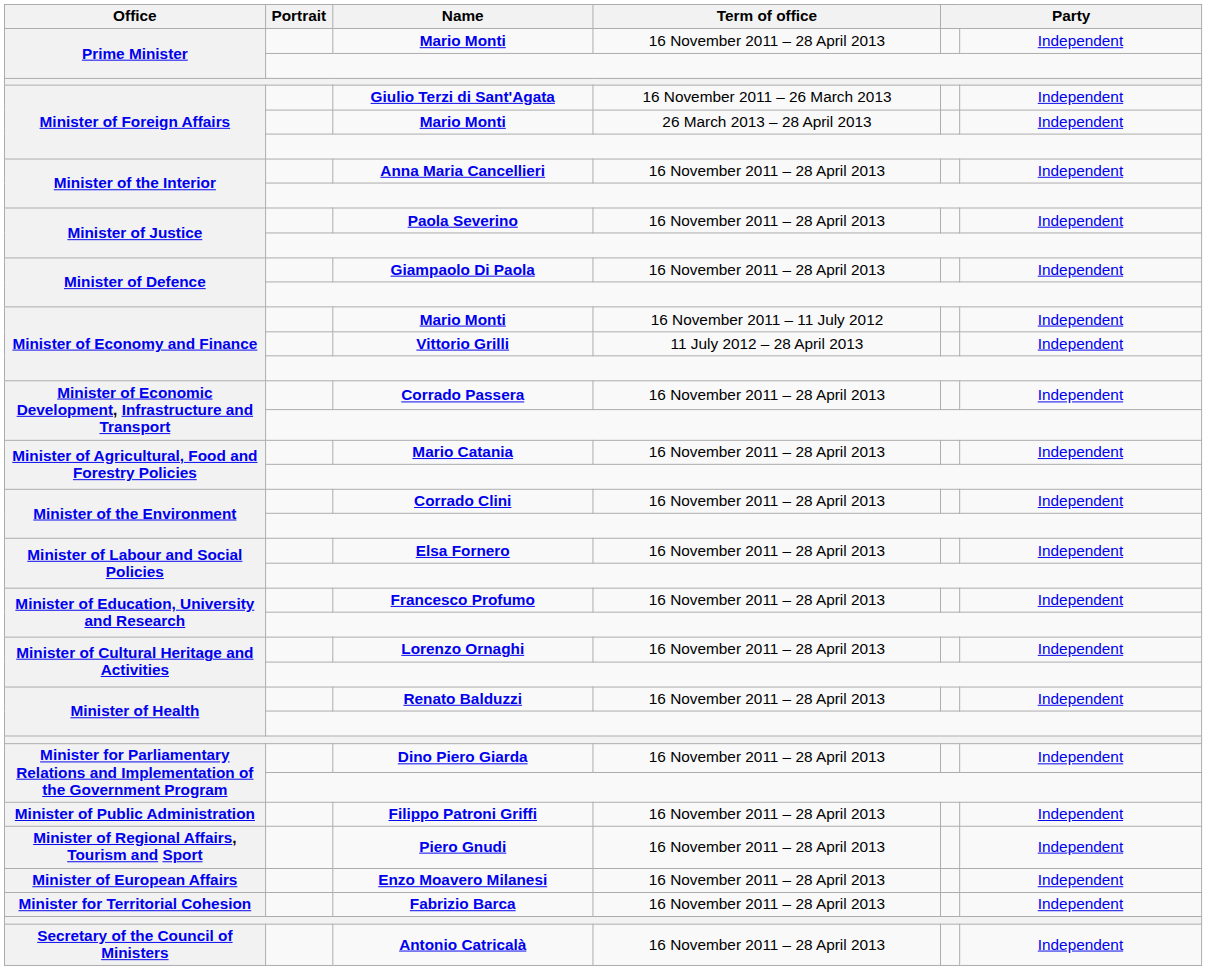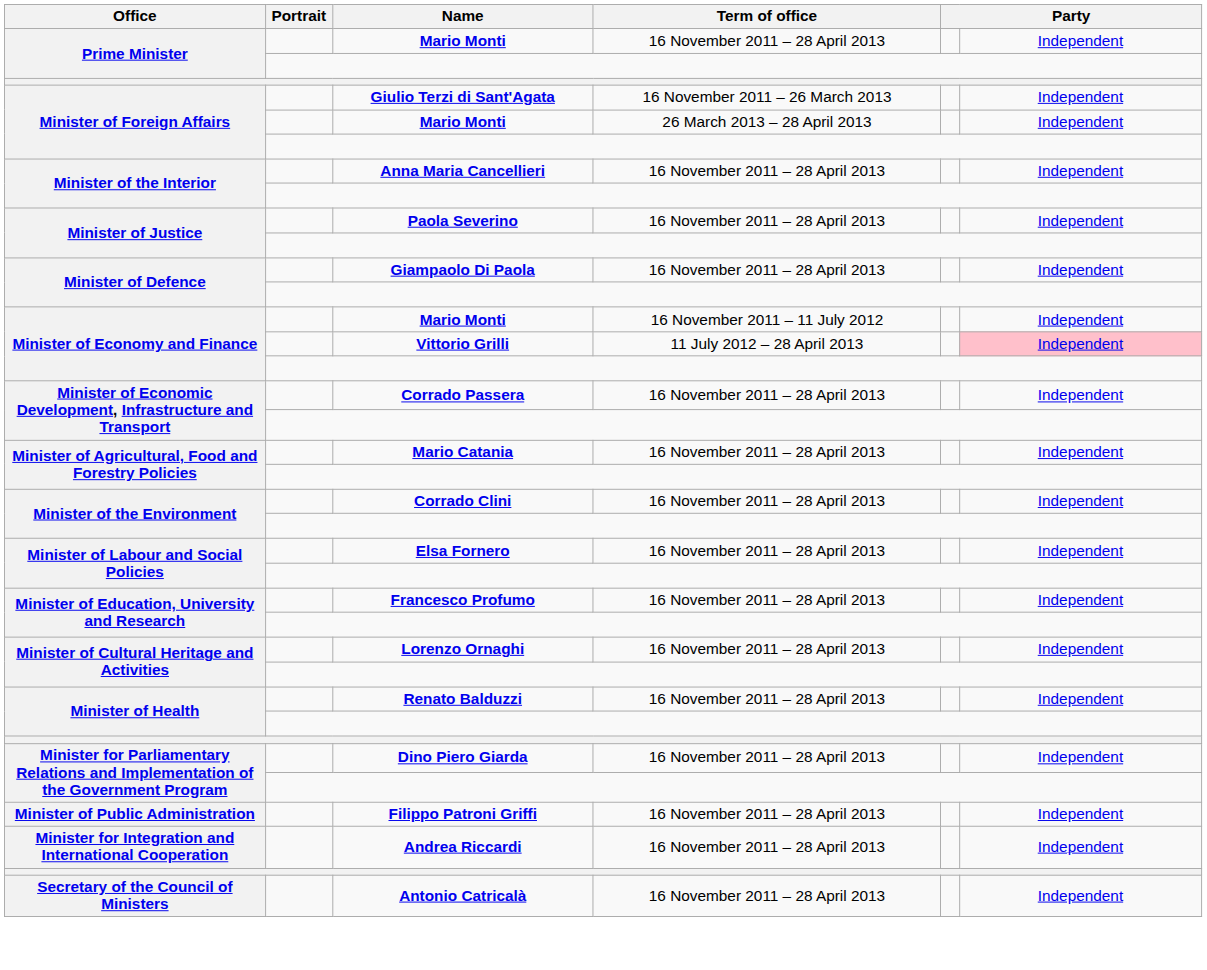 <table class="wikitable" style="text-align:center;">
 <tr>
 <th width=15%>Office</th>
 <th width=1%>Portrait</th>
 <th width=15%>Name</th>
 <th width=20%>Term of office</th>
 <th width=15% colspan=2>Party</th>
 </tr>
 <tr>
 <th rowspan=2><a href='#'>Prime Minister</a></th>
 <td></td>
 <td><strong><a href='#'>Mario Monti</a></strong></td>
 <td>16 November 2011 – 28 April 2013</td>
 <td></td>
 <td><a href='#'>Independent</a></td>
 </tr>
 <tr>
 <td colspan="5" style="font-size:95%; line-height:19px;"><br></td>
 </tr>
 <tr>
 <th colspan=6></th>
 </tr>
 <tr>
 <th rowspan=3><a href='#'>Minister of Foreign Affairs</a></th>
 <td></td>
 <td><strong><a href='#'>Giulio Terzi di Sant'Agata</a></strong></td>
 <td>16 November 2011 – 26 March 2013</td>
 <td></td>
 <td><a href='#'>Independent</a></td>
 </tr>
 <tr>
 <td></td>
 <td><strong><a href='#'>Mario Monti</a></strong><br></td>
 <td>26 March 2013 – 28 April 2013</td>
 <td></td>
 <td><a href='#'>Independent</a></td>
 </tr>
 <tr>
 <td colspan="5" style="font-size:95%; line-height:19px;"><br> </td>
 </tr>
 <tr>
 <th rowspan=2><a href='#'>Minister of the Interior</a></th>
 <td></td>
 <td><strong><a href='#'>Anna Maria Cancellieri</a></strong></td>
 <td>16 November 2011 – 28 April 2013</td>
 <td style="color:inherit;background:"></td>
 <td><a href='#'>Independent</a></td>
 </tr>
 <tr>
 <td colspan="5" style="font-size:95%; line-height:19px;"><br></td>
 </tr>
 <tr>
 <th rowspan=2><a href='#'>Minister of Justice</a></th>
 <td></td>
 <td><strong><a href='#'>Paola Severino</a></strong></td>
 <td>16 November 2011 – 28 April 2013</td>
 <td style="color:inherit;background:"></td>
 <td><a href='#'>Independent</a></td>
 </tr>
 <tr>
 <td colspan="5" style="font-size:95%; line-height:19px;"><br></td>
 </tr>
 <tr>
 <th rowspan=2><a href='#'>Minister of Defence</a></th>
 <td></td>
 <td><strong><a href='#'>Giampaolo Di Paola</a></strong></td>
 <td>16 November 2011 – 28 April 2013</td>
 <td></td>
 <td><a href='#'>Independent</a></td>
 </tr>
 <tr>
 <td colspan="5" style="font-size:95%; line-height:19px;"><br></td>
 </tr>
 <tr>
 <th rowspan=3><a href='#'>Minister of Economy and Finance</a></th>
 <td></td>
 <td><strong><a href='#'>Mario Monti</a></strong><br></td>
 <td>16 November 2011 – 11 July 2012</td>
 <td></td>
 <td><a href='#'>Independent</a></td>
 </tr>
 <tr>
 <td></td>
 <td><strong><a href='#'>Vittorio Grilli</a></strong></td>
 <td>11 July 2012 – 28 April 2013</td>
 <td></td>
-<td><a href='#'>Independent</a></td>
+<td style="background: pink;"><a href='#'>Independent</a></td>
 </tr>
 <tr>
 <td colspan="5" style="font-size:95%; line-height:19px;"><br> </td>
 </tr>
 <tr>
 <th rowspan=2><a href='#'>Minister of Economic Development</a>, <a href='#'>Infrastructure and Transport</a></th>
 <td></td>
 <td><strong><a href='#'>Corrado Passera</a></strong></td>
 <td>16 November 2011 – 28 April 2013</td>
 <td></td>
 <td><a href='#'>Independent</a></td>
 </tr>
 <tr>
 <td colspan="5" style="font-size:95%; line-height:19px;"><br> </td>
 </tr>
 <tr>
 <th rowspan=2><a href='#'>Minister of Agricultural, Food and Forestry Policies</a></th>
 <td></td>
 <td><strong><a href='#'>Mario Catania</a></strong></td>
 <td>16 November 2011 – 28 April 2013</td>
 <td></td>
 <td><a href='#'>Independent</a></td>
 </tr>
 <tr>
 <td colspan="5" style="font-size:95%; line-height:19px;"><br></td>
 </tr>
 <tr>
 <th rowspan=2><a href='#'>Minister of the Environment</a></th>
 <td></td>
 <td><strong><a href='#'>Corrado Clini</a></strong></td>
 <td>16 November 2011 – 28 April 2013</td>
 <td></td>
 <td><a href='#'>Independent</a></td>
 </tr>
 <tr>
 <td colspan="5" style="font-size:95%; line-height:19px;"><br></td>
 </tr>
 <tr>
 <th rowspan=2><a href='#'>Minister of Labour and Social Policies</a></th>
 <td></td>
 <td><strong><a href='#'>Elsa Fornero</a></strong></td>
 <td>16 November 2011 – 28 April 2013</td>
 <td style="color:inherit;background:"></td>
 <td><a href='#'>Independent</a></td>
 </tr>
 <tr>
 <td colspan="5" style="font-size:95%; line-height:19px;"><br> </td>
 </tr>
 <tr>
 <th rowspan=2><a href='#'>Minister of Education, University and Research</a></th>
 <td></td>
 <td><strong><a href='#'>Francesco Profumo</a></strong></td>
 <td>16 November 2011 – 28 April 2013</td>
 <td></td>
 <td><a href='#'>Independent</a></td>
 </tr>
 <tr>
 <td colspan="5" style="font-size:95%; line-height:19px;"><br></td>
 </tr>
 <tr>
 <th rowspan=2><a href='#'>Minister of Cultural Heritage and Activities</a></th>
 <td></td>
 <td><strong><a href='#'>Lorenzo Ornaghi</a></strong></td>
 <td>16 November 2011 – 28 April 2013</td>
 <td></td>
 <td><a href='#'>Independent</a></td>
 </tr>
 <tr>
 <td colspan="5" style="font-size:95%; line-height:19px;"><br></td>
 </tr>
 <tr>
 <th rowspan=2><a href='#'>Minister of Health</a></th>
 <td></td>
 <td><strong><a href='#'>Renato Balduzzi</a></strong></td>
 <td>16 November 2011 – 28 April 2013</td>
 <td></td>
 <td><a href='#'>Independent</a></td>
 </tr>
 <tr>
 <td colspan="5" style="font-size:95%; line-height:19px;"><br></td>
 </tr>
 <tr>
 <th colspan=6></th>
 </tr>
 <tr>
 <th rowspan=2><a href='#'>Minister for Parliamentary Relations and Implementation of the Government Program</a><br></th>
 <td></td>
 <td><strong><a href='#'>Dino Piero Giarda</a></strong></td>
 <td>16 November 2011 – 28 April 2013</td>
 <td></td>
 <td><a href='#'>Independent</a></td>
 </tr>
 <tr>
 <td colspan="5" style="font-size:95%; line-height:19px;"><br></td>
 </tr>
 <tr>
 <th><a href='#'>Minister of Public Administration</a><br></th>
 <td></td>
 <td><strong><a href='#'>Filippo Patroni Griffi</a></strong></td>
 <td>16 November 2011 – 28 April 2013</td>
 <td></td>
 <td><a href='#'>Independent</a></td>
 </tr>
 <tr>
-<th><a href='#'>Minister of Regional Affairs</a>, <a href='#'>Tourism and</a> <a href='#'>Sport</a><br></th>
+<th><a href='#'>Minister for Integration and International Cooperation</a><br></th>
 <td></td>
-<td><strong><a href='#'>Piero Gnudi</a></strong></td>
-<td>16 November 2011 – 28 April 2013</td>
-<td></td>
-<td><a href='#'>Independent</a></td>
-</tr>
-<tr>
-<th><a href='#'>Minister of European Affairs</a><br></th>
-<td></td>
-<td><strong><a href='#'>Enzo Moavero Milanesi</a></strong></td>
-<td>16 November 2011 – 28 April 2013</td>
-<td></td>
-<td><a href='#'>Independent</a></td>
-</tr>
-<tr>
-<th><a href='#'>Minister for Territorial Cohesion</a><br></th>
-<td></td>
-<td><strong><a href='#'>Fabrizio Barca</a></strong></td>
+<td><strong><a href='#'>Andrea Riccardi</a></strong></td>
 <td>16 November 2011 – 28 April 2013</td>
 <td></td>
 <td><a href='#'>Independent</a></td>
 </tr>
 <tr>
 <th colspan=6></th>
 </tr>
 <tr>
 <th><a href='#'>Secretary of the Council of Ministers</a><br></th>
 <td></td>
 <td><strong><a href='#'>Antonio Catricalà</a></strong></td>
 <td>16 November 2011 – 28 April 2013</td>
 <td></td>
 <td><a href='#'>Independent</a></td>
 </tr>
 </table>
